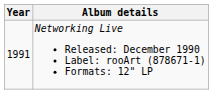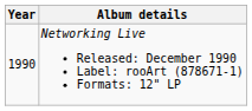 <table class="wikitable">
 <tr>
 <th>Year</th>
 <th>Album details</th>
 </tr>
 <tr>
-<td>1991</td>
+<td>1990</td>
 <td><em>Networking Live</em><br><ul><li>Released: December 1990</li><li>Label: rooArt (878671-1)</li><li>Formats: 12" LP</li></ul></td>
 </tr>
 </table>
